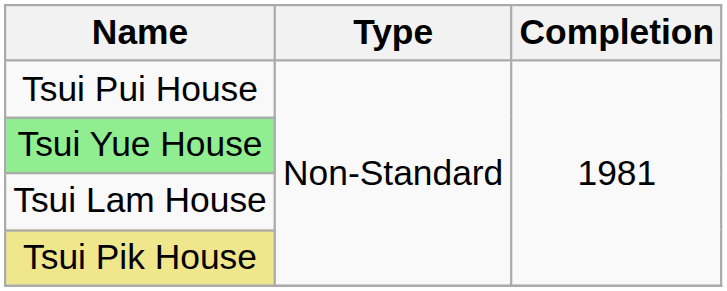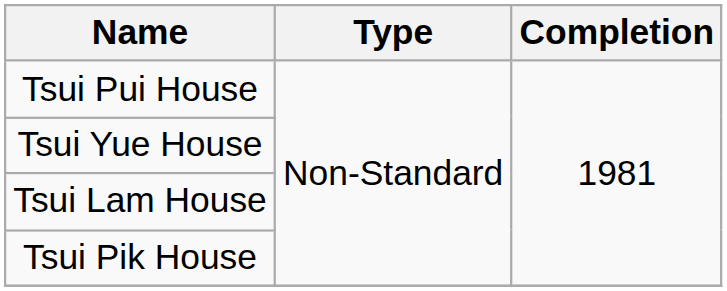 <table class="wikitable" style="text-align: center">
 <tr>
 <th>Name</th>
 <th>Type</th>
 <th>Completion</th>
 </tr>
 <tr>
 <td>Tsui Pui House</td>
 <td rowspan="4">Non-Standard</td>
 <td rowspan="4">1981</td>
 </tr>
 <tr>
-<td style="background: lightgreen;">Tsui Yue House</td>
+<td>Tsui Yue House</td>
 </tr>
 <tr>
 <td>Tsui Lam House</td>
 </tr>
 <tr>
-<td style="background: khaki;">Tsui Pik House</td>
+<td>Tsui Pik House</td>
 </tr>
 <tr>
 </tr>
 </table>
